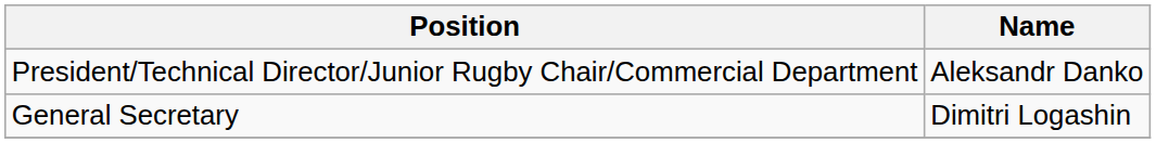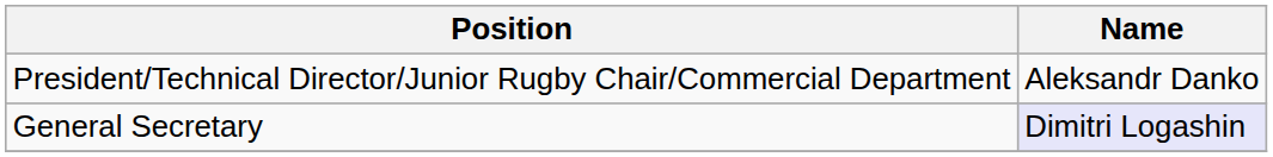 <table class="wikitable">
 <tr>
 <th>Position</th>
 <th>Name</th>
 </tr>
 <tr>
 <td>President/Technical Director/Junior Rugby Chair/Commercial Department</td>
 <td>Aleksandr Danko</td>
 </tr>
 <tr>
 <td>General Secretary</td>
-<td>Dimitri Logashin</td>
+<td style="background: lavender;">Dimitri Logashin</td>
 </tr>
 <tr>
 </tr>
 </table>
